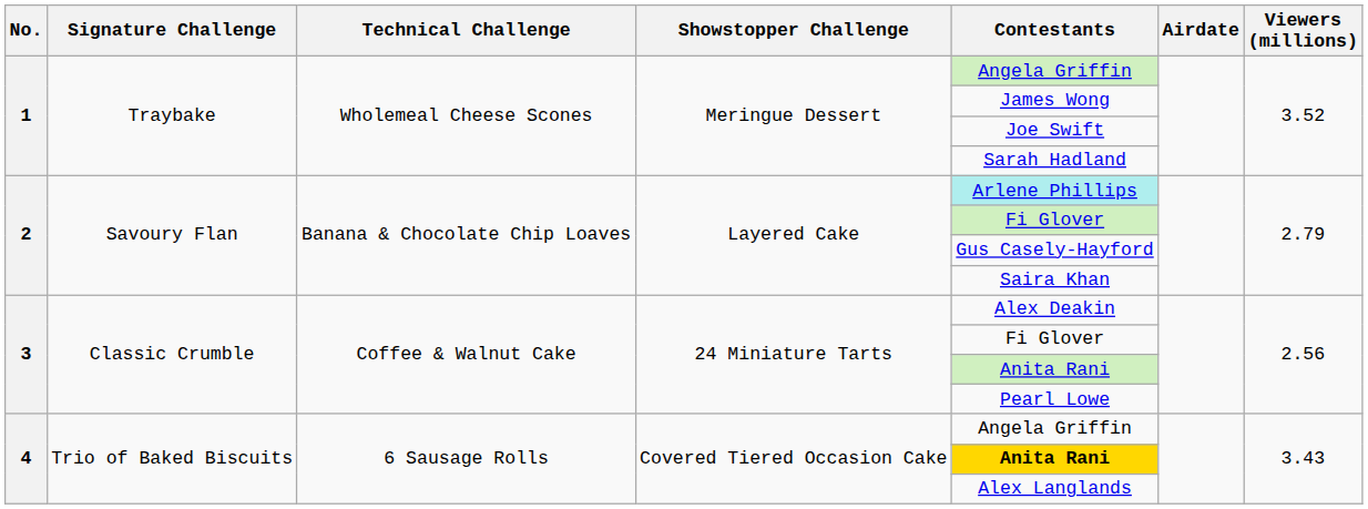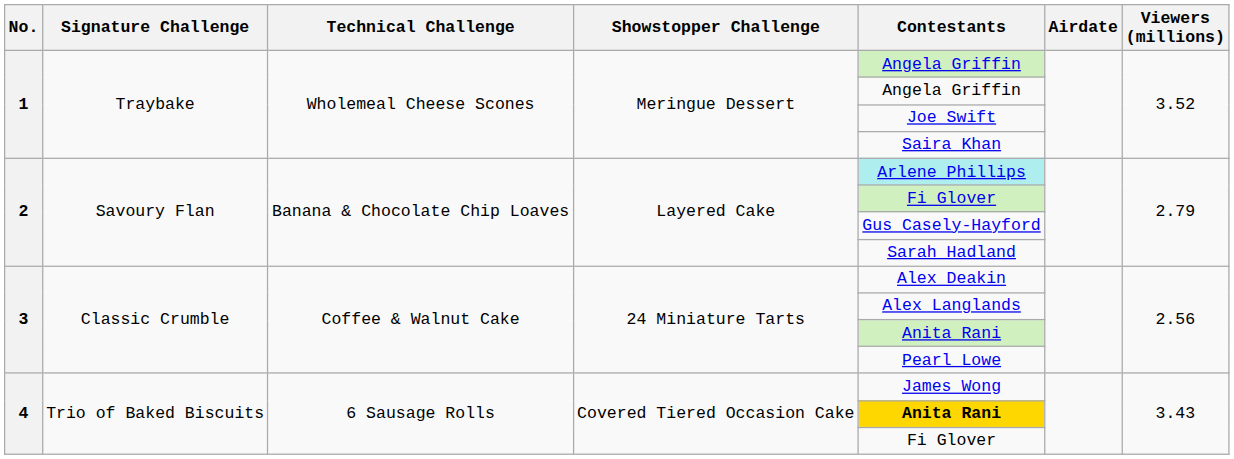 <table class="wikitable" style="text-align:center;">
 <tr>
 <th scope="col">No.</th>
 <th scope="col">Signature Challenge</th>
 <th scope="col">Technical Challenge</th>
 <th scope="col">Showstopper Challenge</th>
 <th scope="col">Contestants</th>
 <th scope="col">Airdate</th>
 <th scope="col">Viewers<br>(millions)</th>
 </tr>
 <tr>
 <th scope="rowgroup" rowspan=4>1</th>
 <td rowspan=4>Traybake</td>
 <td rowspan=4>Wholemeal Cheese Scones</td>
 <td rowspan=4>Meringue Dessert</td>
 <td style="background:#d0f0c0"><a href='#'>Angela Griffin</a></td>
 <td rowspan=4></td>
 <td rowspan=4>3.52</td>
 </tr>
 <tr>
-<td><a href='#'>James Wong</a></td>
+<td>Angela Griffin</td>
 </tr>
 <tr>
 <td><a href='#'>Joe Swift</a></td>
 </tr>
 <tr>
-<td><a href='#'>Sarah Hadland</a></td>
+<td><a href='#'>Saira Khan</a></td>
 </tr>
 <tr>
 <th scope="rowgroup" rowspan=4>2</th>
 <td rowspan=4>Savoury Flan</td>
 <td rowspan=4>Banana & Chocolate Chip Loaves</td>
 <td rowspan=4>Layered Cake</td>
 <td style="background: paleturquoise;"><a href='#'>Arlene Phillips</a></td>
 <td rowspan=4></td>
 <td rowspan=4>2.79</td>
 </tr>
 <tr style="background:#d0f0c0">
 <td><a href='#'>Fi Glover</a></td>
 </tr>
 <tr>
 <td><a href='#'>Gus Casely-Hayford</a></td>
 </tr>
 <tr>
-<td><a href='#'>Saira Khan</a></td>
+<td><a href='#'>Sarah Hadland</a></td>
 </tr>
 <tr>
 <th scope="rowgroup" rowspan=4>3</th>
 <td rowspan=4>Classic Crumble</td>
 <td rowspan=4>Coffee & Walnut Cake</td>
 <td rowspan=4>24 Miniature Tarts</td>
 <td><a href='#'>Alex Deakin</a></td>
 <td rowspan=4></td>
 <td rowspan=4>2.56</td>
 </tr>
 <tr>
-<td>Fi Glover</td>
+<td><a href='#'>Alex Langlands</a></td>
 </tr>
 <tr style="background:#d0f0c0">
 <td><a href='#'>Anita Rani</a></td>
 </tr>
 <tr>
 <td><a href='#'>Pearl Lowe</a></td>
 </tr>
 <tr>
 <th scope="rowgroup" rowspan=3>4</th>
 <td rowspan=3>Trio of Baked Biscuits</td>
 <td rowspan=3>6 Sausage Rolls</td>
 <td rowspan=3>Covered Tiered Occasion Cake</td>
-<td>Angela Griffin</td>
+<td><a href='#'>James Wong</a></td>
 <td rowspan=3></td>
 <td rowspan=3>3.43</td>
 </tr>
 <tr style="background:gold">
 <td><strong>Anita Rani</strong></td>
 </tr>
 <tr>
-<td><a href='#'>Alex Langlands</a></td>
+<td>Fi Glover</td>
 </tr>
 </table>
